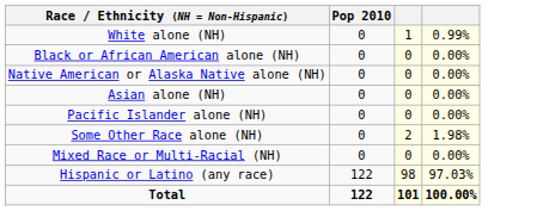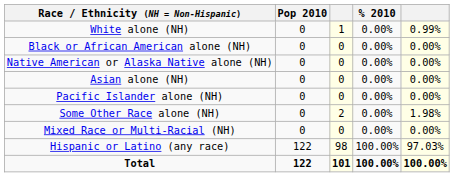 <table class="wikitable" style="text-align:center;">
 <tr>
 <th>Race / Ethnicity <small>(<em>NH = Non-Hispanic</em>)</small></th>
 <th>Pop 2010</th>
 <th></th>
+<th>% 2010</th>
 <th></th>
 </tr>
 <tr>
 <td><a href='#'>White</a> alone (NH)</td>
 <td>0</td>
 <td style='background: #ffffe6;'>1</td>
+<td>0.00%</td>
 <td style='background: #ffffe6;'>0.99%</td>
 </tr>
 <tr>
 <td><a href='#'>Black or African American</a> alone (NH)</td>
 <td>0</td>
 <td style='background: #ffffe6;'>0</td>
+<td>0.00%</td>
 <td style='background: #ffffe6;'>0.00%</td>
 </tr>
 <tr>
 <td><a href='#'>Native American</a> or <a href='#'>Alaska Native</a> alone (NH)</td>
 <td>0</td>
 <td style='background: #ffffe6;'>0</td>
+<td>0.00%</td>
 <td style='background: #ffffe6;'>0.00%</td>
 </tr>
 <tr>
 <td><a href='#'>Asian</a> alone (NH)</td>
 <td>0</td>
 <td style='background: #ffffe6;'>0</td>
+<td>0.00%</td>
 <td style='background: #ffffe6;'>0.00%</td>
 </tr>
 <tr>
 <td><a href='#'>Pacific Islander</a> alone (NH)</td>
 <td>0</td>
 <td style='background: #ffffe6;'>0</td>
+<td>0.00%</td>
 <td style='background: #ffffe6;'>0.00%</td>
 </tr>
 <tr>
 <td><a href='#'>Some Other Race</a> alone (NH)</td>
 <td>0</td>
 <td style='background: #ffffe6;'>2</td>
+<td>0.00%</td>
 <td style='background: #ffffe6;'>1.98%</td>
 </tr>
 <tr>
 <td><a href='#'>Mixed Race or Multi-Racial</a> (NH)</td>
 <td>0</td>
 <td style='background: #ffffe6;'>0</td>
+<td>0.00%</td>
 <td style='background: #ffffe6;'>0.00%</td>
 </tr>
 <tr>
 <td><a href='#'>Hispanic or Latino</a> (any race)</td>
 <td>122</td>
 <td style='background: #ffffe6;'>98</td>
+<td>100.00%</td>
 <td style='background: #ffffe6;'>97.03%</td>
 </tr>
 <tr>
 <td><strong>Total</strong></td>
 <td><strong>122</strong></td>
 <td style='background: #ffffe6;'><strong>101</strong></td>
+<td><strong>100.00%</strong></td>
 <td style='background: #ffffe6;'><strong>100.00%</strong></td>
 </tr>
 </table>
